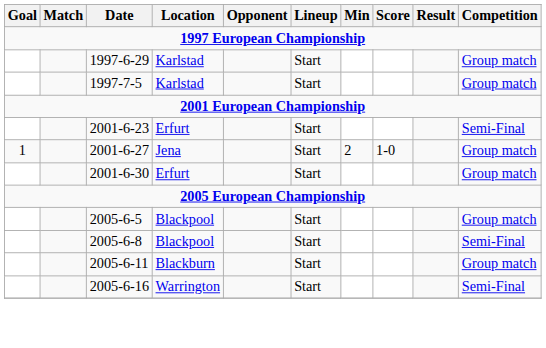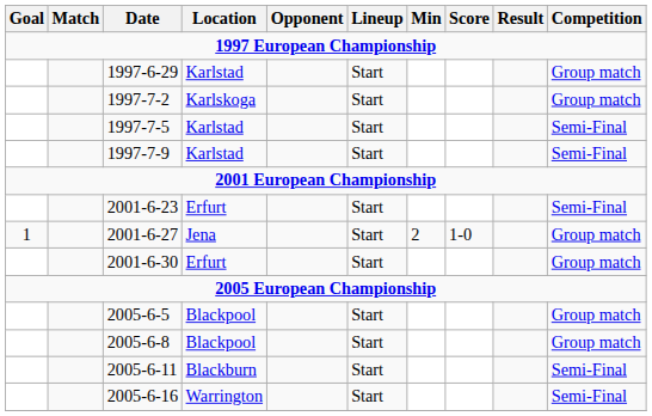 <table class="wikitable collapsible" style="fontsize:90%;">
 <tr>
 <th>Goal</th>
 <th>Match</th>
 <th>Date</th>
 <th>Location</th>
 <th>Opponent</th>
 <th>Lineup</th>
 <th>Min</th>
 <th>Score</th>
 <th>Result</th>
 <th>Competition</th>
 </tr>
 <tr>
 <td colspan=10 align=center><strong><a href='#'>1997 European Championship</a></strong></td>
 </tr>
 <tr>
 <td style="background:white;"></td>
 <td></td>
 <td>1997-6-29</td>
 <td><a href='#'>Karlstad</a></td>
 <td></td>
 <td>Start</td>
 <td style="background:white;"></td>
 <td style="background:white;"></td>
 <td></td>
 <td><a href='#'>Group match</a></td>
 </tr>
 <tr>
 <td style="background:white;"></td>
 <td></td>
+<td>1997-7-2</td>
+<td><a href='#'>Karlskoga</a></td>
+<td></td>
+<td>Start</td>
+<td style="background:white;"></td>
+<td style="background:white;"></td>
+<td></td>
+<td><a href='#'>Group match</a></td>
+</tr>
+<tr>
+<td style="background:white;"></td>
+<td></td>
 <td>1997-7-5</td>
 <td><a href='#'>Karlstad</a></td>
 <td></td>
 <td>Start</td>
 <td style="background:white;"></td>
 <td style="background:white;"></td>
 <td></td>
-<td><a href='#'>Group match</a></td>
+<td><a href='#'>Semi-Final</a></td>
+</tr>
+<tr>
+<td style="background:white;"></td>
+<td></td>
+<td>1997-7-9</td>
+<td><a href='#'>Karlstad</a></td>
+<td></td>
+<td>Start</td>
+<td style="background:white;"></td>
+<td style="background:white;"></td>
+<td></td>
+<td><a href='#'>Semi-Final</a></td>
 </tr>
 <tr>
 <td colspan=10 align=center><strong><a href='#'>2001 European Championship</a></strong></td>
 </tr>
 <tr>
 <td style="background:white;"></td>
 <td></td>
 <td>2001-6-23</td>
 <td><a href='#'>Erfurt</a></td>
 <td></td>
 <td>Start</td>
 <td style="background:white;"></td>
 <td style="background:white;"></td>
 <td></td>
 <td><a href='#'>Semi-Final</a></td>
 </tr>
 <tr>
 <td align=center>1</td>
 <td></td>
 <td>2001-6-27</td>
 <td><a href='#'>Jena</a></td>
 <td></td>
 <td>Start</td>
 <td>2</td>
 <td>1-0</td>
 <td></td>
 <td><a href='#'>Group match</a></td>
 </tr>
 <tr>
 <td style="background:white;"></td>
 <td></td>
 <td>2001-6-30</td>
 <td><a href='#'>Erfurt</a></td>
 <td></td>
 <td>Start</td>
 <td style="background:white;"></td>
 <td style="background:white;"></td>
 <td></td>
 <td><a href='#'>Group match</a></td>
 </tr>
 <tr>
 <td colspan=10 align=center><strong><a href='#'>2005 European Championship</a></strong></td>
 </tr>
 <tr>
 <td style="background:white;"></td>
 <td></td>
 <td>2005-6-5</td>
 <td><a href='#'>Blackpool</a></td>
 <td></td>
 <td>Start</td>
 <td style="background:white;"></td>
 <td style="background:white;"></td>
 <td></td>
 <td><a href='#'>Group match</a></td>
 </tr>
 <tr>
 <td style="background:white;"></td>
 <td></td>
 <td>2005-6-8</td>
 <td><a href='#'>Blackpool</a></td>
 <td></td>
 <td>Start</td>
 <td style="background:white;"></td>
 <td style="background:white;"></td>
 <td></td>
-<td><a href='#'>Semi-Final</a></td>
+<td><a href='#'>Group match</a></td>
 </tr>
 <tr>
 <td style="background:white;"></td>
 <td></td>
 <td>2005-6-11</td>
 <td><a href='#'>Blackburn</a></td>
 <td></td>
 <td>Start</td>
 <td style="background:white;"></td>
 <td style="background:white;"></td>
 <td></td>
-<td><a href='#'>Group match</a></td>
+<td><a href='#'>Semi-Final</a></td>
 </tr>
 <tr>
 <td style="background:white;"></td>
 <td></td>
 <td>2005-6-16</td>
 <td><a href='#'>Warrington</a></td>
 <td></td>
 <td>Start</td>
 <td style="background:white;"></td>
 <td style="background:white;"></td>
 <td></td>
 <td><a href='#'>Semi-Final</a></td>
 </tr>
 <tr>
 </tr>
 </table>
